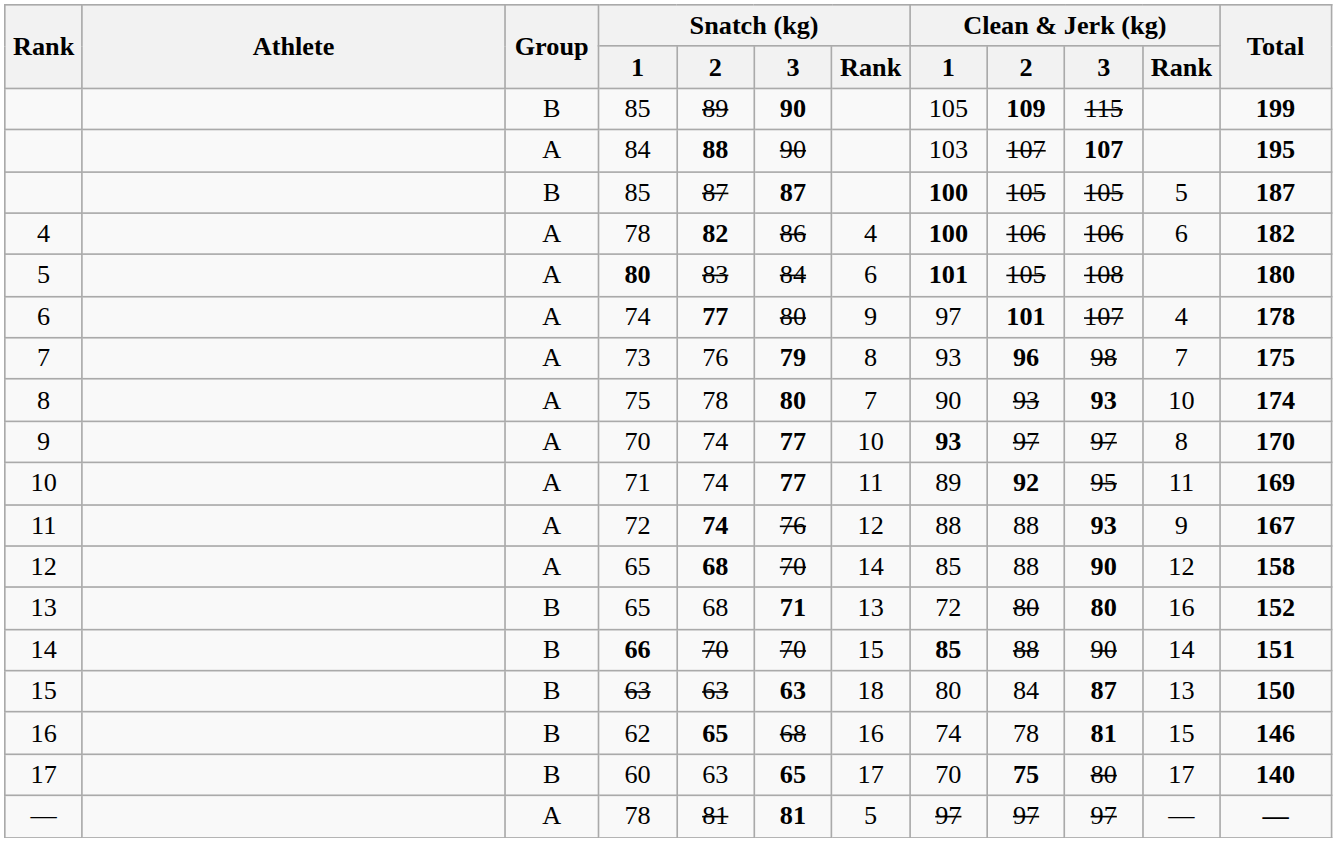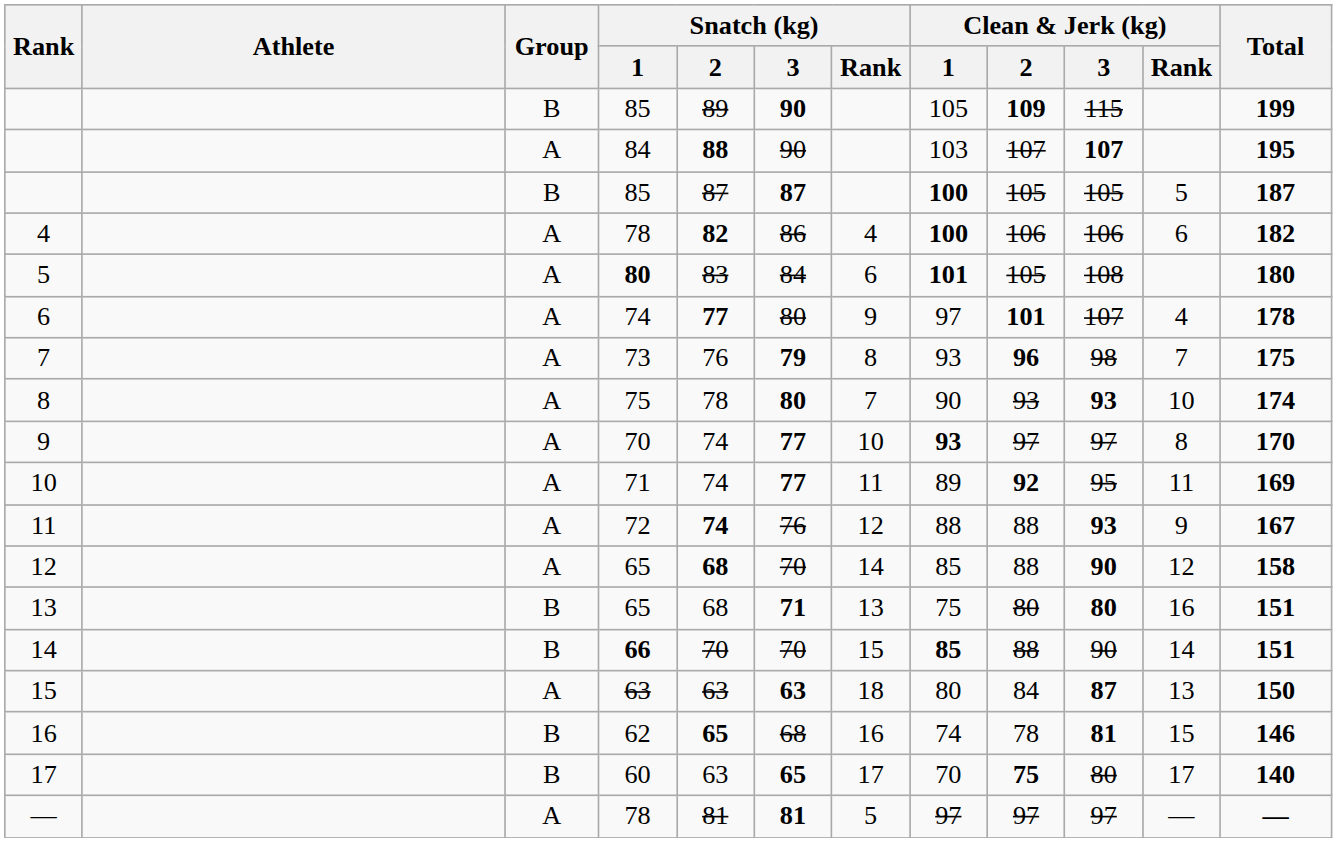 <table class = "wikitable" style="text-align:center;">
 <tr>
 <th rowspan=2 width=40>Rank</th>
 <th rowspan=2 width=250>Athlete</th>
 <th rowspan=2 width=50>Group</th>
 <th colspan=4>Snatch (kg)</th>
 <th colspan=4>Clean & Jerk (kg)</th>
 <th rowspan=2 width=60>Total</th>
 </tr>
 <tr>
 <th width=40>1</th>
 <th width=40>2</th>
 <th width=40>3</th>
 <th width=40>Rank</th>
 <th width=40>1</th>
 <th width=40>2</th>
 <th width=40>3</th>
 <th width=40>Rank</th>
 </tr>
 <tr>
 <td></td>
 <td align=left></td>
 <td>B</td>
 <td>85</td>
 <td><s>89</s></td>
 <td><strong>90</strong></td>
 <td></td>
 <td>105</td>
 <td><strong>109</strong></td>
 <td><s>115</s></td>
 <td></td>
 <td><strong>199</strong></td>
 </tr>
 <tr>
 <td></td>
 <td align=left></td>
 <td>A</td>
 <td>84</td>
 <td><strong>88</strong></td>
 <td><s>90</s></td>
 <td></td>
 <td>103</td>
 <td><s>107</s></td>
 <td><strong>107</strong></td>
 <td></td>
 <td><strong>195</strong></td>
 </tr>
 <tr>
 <td></td>
 <td align=left></td>
 <td>B</td>
 <td>85</td>
 <td><s>87</s></td>
 <td><strong>87</strong></td>
 <td></td>
 <td><strong>100</strong></td>
 <td><s>105</s></td>
 <td><s>105</s></td>
 <td>5</td>
 <td><strong>187</strong></td>
 </tr>
 <tr>
 <td>4</td>
 <td align=left></td>
 <td>A</td>
 <td>78</td>
 <td><strong>82</strong></td>
 <td><s>86</s></td>
 <td>4</td>
 <td><strong>100</strong></td>
 <td><s>106</s></td>
 <td><s>106</s></td>
 <td>6</td>
 <td><strong>182</strong></td>
 </tr>
 <tr>
 <td>5</td>
 <td align=left></td>
 <td>A</td>
 <td><strong>80</strong></td>
 <td><s>83</s></td>
 <td><s>84</s></td>
 <td>6</td>
 <td><strong>101</strong></td>
 <td><s>105</s></td>
 <td><s>108</s></td>
 <td></td>
 <td><strong>180</strong></td>
 </tr>
 <tr>
 <td>6</td>
 <td align=left></td>
 <td>A</td>
 <td>74</td>
 <td><strong>77</strong></td>
 <td><s>80</s></td>
 <td>9</td>
 <td>97</td>
 <td><strong>101</strong></td>
 <td><s>107</s></td>
 <td>4</td>
 <td><strong>178</strong></td>
 </tr>
 <tr>
 <td>7</td>
 <td align=left></td>
 <td>A</td>
 <td>73</td>
 <td>76</td>
 <td><strong>79</strong></td>
 <td>8</td>
 <td>93</td>
 <td><strong>96</strong></td>
 <td><s>98</s></td>
 <td>7</td>
 <td><strong>175</strong></td>
 </tr>
 <tr>
 <td>8</td>
 <td align=left></td>
 <td>A</td>
 <td>75</td>
 <td>78</td>
 <td><strong>80</strong></td>
 <td>7</td>
 <td>90</td>
 <td><s>93</s></td>
 <td><strong>93</strong></td>
 <td>10</td>
 <td><strong>174</strong></td>
 </tr>
 <tr>
 <td>9</td>
 <td align=left></td>
 <td>A</td>
 <td>70</td>
 <td>74</td>
 <td><strong>77</strong></td>
 <td>10</td>
 <td><strong>93</strong></td>
 <td><s>97</s></td>
 <td><s>97</s></td>
 <td>8</td>
 <td><strong>170</strong></td>
 </tr>
 <tr>
 <td>10</td>
 <td align=left></td>
 <td>A</td>
 <td>71</td>
 <td>74</td>
 <td><strong>77</strong></td>
 <td>11</td>
 <td>89</td>
 <td><strong>92</strong></td>
 <td><s>95</s></td>
 <td>11</td>
 <td><strong>169</strong></td>
 </tr>
 <tr>
 <td>11</td>
 <td align=left></td>
 <td>A</td>
 <td>72</td>
 <td><strong>74</strong></td>
 <td><s>76</s></td>
 <td>12</td>
 <td>88</td>
 <td>88</td>
 <td><strong>93</strong></td>
 <td>9</td>
 <td><strong>167</strong></td>
 </tr>
 <tr>
 <td>12</td>
 <td align=left></td>
 <td>A</td>
 <td>65</td>
 <td><strong>68</strong></td>
 <td><s>70</s></td>
 <td>14</td>
 <td>85</td>
 <td>88</td>
 <td><strong>90</strong></td>
 <td>12</td>
 <td><strong>158</strong></td>
 </tr>
 <tr>
 <td>13</td>
 <td align=left></td>
 <td>B</td>
 <td>65</td>
 <td>68</td>
 <td><strong>71</strong></td>
 <td>13</td>
-<td>72</td>
+<td>75</td>
 <td><s>80</s></td>
 <td><strong>80</strong></td>
 <td>16</td>
-<td><strong>152</strong></td>
+<td><strong>151</strong></td>
 </tr>
 <tr>
 <td>14</td>
 <td align=left></td>
 <td>B</td>
 <td><strong>66</strong></td>
 <td><s>70</s></td>
 <td><s>70</s></td>
 <td>15</td>
 <td><strong>85</strong></td>
 <td><s>88</s></td>
 <td><s>90</s></td>
 <td>14</td>
 <td><strong>151</strong></td>
 </tr>
 <tr>
 <td>15</td>
 <td align=left></td>
-<td>B</td>
+<td>A</td>
 <td><s>63</s></td>
 <td><s>63</s></td>
 <td><strong>63</strong></td>
 <td>18</td>
 <td>80</td>
 <td>84</td>
 <td><strong>87</strong></td>
 <td>13</td>
 <td><strong>150</strong></td>
 </tr>
 <tr>
 <td>16</td>
 <td align=left></td>
 <td>B</td>
 <td>62</td>
 <td><strong>65</strong></td>
 <td><s>68</s></td>
 <td>16</td>
 <td>74</td>
 <td>78</td>
 <td><strong>81</strong></td>
 <td>15</td>
 <td><strong>146</strong></td>
 </tr>
 <tr>
 <td>17</td>
 <td align=left></td>
 <td>B</td>
 <td>60</td>
 <td>63</td>
 <td><strong>65</strong></td>
 <td>17</td>
 <td>70</td>
 <td><strong>75</strong></td>
 <td><s>80</s></td>
 <td>17</td>
 <td><strong>140</strong></td>
 </tr>
 <tr>
 <td>—</td>
 <td align=left></td>
 <td>A</td>
 <td>78</td>
 <td><s>81</s></td>
 <td><strong>81</strong></td>
 <td>5</td>
 <td><s>97</s></td>
 <td><s>97</s></td>
 <td><s>97</s></td>
 <td>—</td>
 <td><strong>—</strong></td>
 </tr>
 </table>
